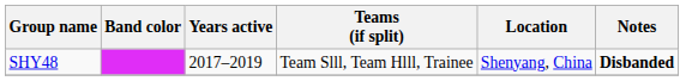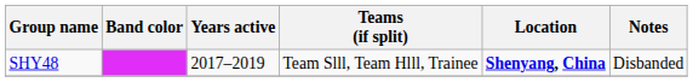 <table class="wikitable sortable plainrowheaders">
 <tr>
 <th>Group name</th>
 <th>Band color</th>
 <th>Years active</th>
 <th>Teams<br> (if split)</th>
 <th>Location</th>
 <th class="unsortable">Notes</th>
 </tr>
 <tr>
 <td><a href='#'>SHY48</a></td>
 <td style="background-color:#e02df7; text-align:center"></td>
 <td>2017–2019</td>
 <td>Team Slll, Team Hlll, Trainee</td>
-<td><a href='#'>Shenyang</a>, <a href='#'>China</a></td>
-<td><strong>Disbanded</strong></td>
+<td><strong><a href='#'>Shenyang</a>, <a href='#'>China</a></strong></td>
+<td>Disbanded</td>
 </tr>
 <tr>
 </tr>
 </table>
